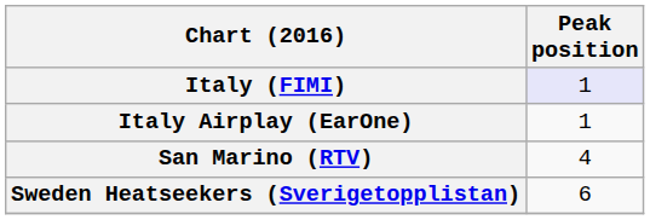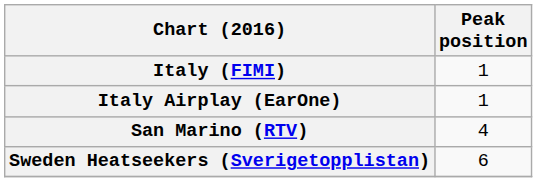 <table class="wikitable sortable plainrowheaders" style="text-align:center">
 <tr>
 <th scope="col">Chart (2016)</th>
 <th scope="col">Peak<br> position</th>
 </tr>
 <tr>
 <th scope="row">Italy (<a href='#'>FIMI</a>)</th>
-<td style="background: lavender;">1</td>
+<td>1</td>
 </tr>
 <tr>
 <th scope="row">Italy Airplay (EarOne)</th>
 <td>1</td>
 </tr>
 <tr>
 <th scope="row">San Marino (<a href='#'>RTV</a>)</th>
 <td>4</td>
 </tr>
 <tr>
 <th scope="row">Sweden Heatseekers (<a href='#'>Sverigetopplistan</a>)</th>
 <td>6</td>
 </tr>
 <tr>
 </tr>
 </table>
